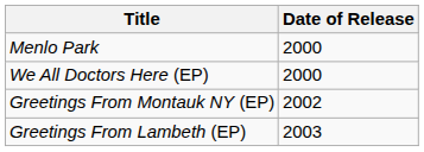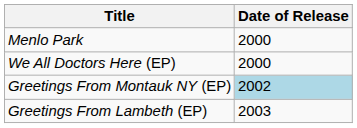 <table class="wikitable">
 <tr>
 <th>Title</th>
 <th>Date of Release</th>
 </tr>
 <tr>
 <td><em>Menlo Park</em></td>
 <td>2000</td>
 </tr>
 <tr>
 <td><em>We All Doctors Here</em> (EP)</td>
 <td>2000</td>
 </tr>
 <tr>
 <td><em>Greetings From Montauk NY</em> (EP)</td>
-<td>2002</td>
+<td style="background: lightblue;">2002</td>
 </tr>
 <tr>
 <td><em>Greetings From Lambeth</em> (EP)</td>
 <td>2003</td>
 </tr>
 </table>
